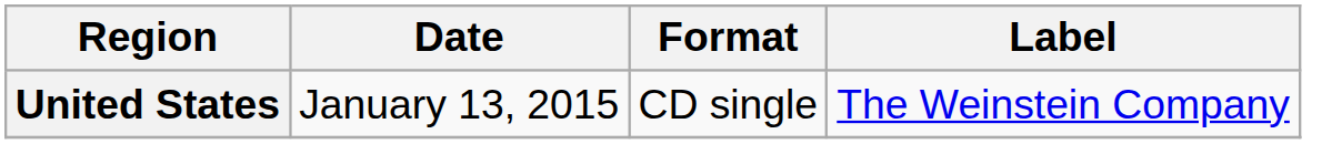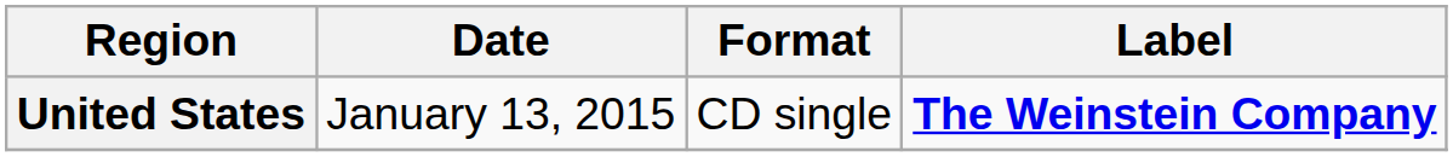 <table class="wikitable plainrowheaders">
 <tr>
 <th scope="col">Region</th>
 <th scope="col">Date</th>
 <th scope="col">Format</th>
 <th scope="col">Label</th>
 </tr>
 <tr>
 <th scope="row">United States</th>
 <td>January 13, 2015</td>
 <td>CD single</td>
-<td><a href='#'>The Weinstein Company</a></td>
+<td><strong><a href='#'>The Weinstein Company</a></strong></td>
 </tr>
 <tr>
 </tr>
 </table>
